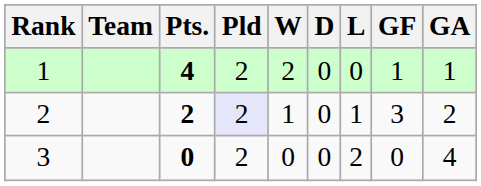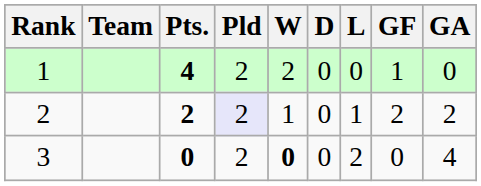 <table class=wikitable>
 <tr>
 <th>Rank</th>
 <th>Team</th>
 <th>Pts.</th>
 <th>Pld</th>
 <th>W</th>
 <th>D</th>
 <th>L</th>
 <th>GF</th>
 <th>GA</th>
 </tr>
 <tr align=center style="background:#ccffcc;">
 <td>1</td>
 <td align=left></td>
 <td><strong>4</strong></td>
 <td>2</td>
 <td>2</td>
 <td>0</td>
 <td>0</td>
 <td>1</td>
-<td>1</td>
+<td>0</td>
 </tr>
 <tr align=center>
 <td>2</td>
 <td align=left></td>
 <td><strong>2</strong></td>
 <td style="background: lavender;">2</td>
 <td>1</td>
 <td>0</td>
 <td>1</td>
-<td>3</td>
+<td>2</td>
 <td>2</td>
 </tr>
 <tr align=center>
 <td>3</td>
 <td align=left></td>
 <td><strong>0</strong></td>
 <td>2</td>
-<td>0</td>
+<td><strong>0</strong></td>
 <td>0</td>
 <td>2</td>
 <td>0</td>
 <td>4</td>
 </tr>
 </table>
